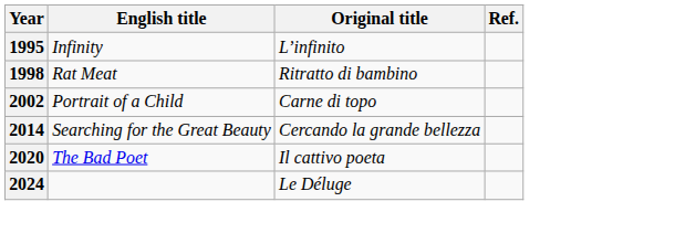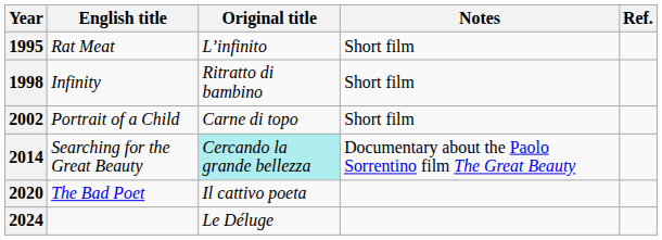 <table class="wikitable sortable plainrowheaders">
 <tr>
 <th scope="col">Year</th>
 <th scope="col">English title</th>
 <th scope="col">Original title</th>
+<th scope="col">Notes</th>
 <th scope="col" class="unsortable">Ref.</th>
 </tr>
 <tr>
 <th scope="row">1995</th>
-<td><em>Infinity</em></td>
+<td><em>Rat Meat</em></td>
 <td><em>L’infinito</em></td>
+<td>Short film</td>
 <td align="center"></td>
 </tr>
 <tr>
 <th scope="row">1998</th>
-<td><em>Rat Meat</em></td>
+<td><em>Infinity</em></td>
 <td><em>Ritratto di bambino</em></td>
+<td>Short film</td>
 <td align="center"></td>
 </tr>
 <tr>
 <th scope="row">2002</th>
 <td><em>Portrait of a Child</em></td>
 <td><em>Carne di topo</em></td>
+<td>Short film</td>
 <td align="center"></td>
 </tr>
 <tr>
 <th scope="row">2014</th>
 <td><em>Searching for the Great Beauty</em></td>
-<td><em>Cercando la grande bellezza</em></td>
+<td style="background: paleturquoise;"><em>Cercando la grande bellezza</em></td>
+<td>Documentary about the <a href='#'>Paolo Sorrentino</a> film <em><a href='#'>The Great Beauty</a></em></td>
 <td align="center"></td>
 </tr>
 <tr>
 <th scope="row">2020</th>
 <td><em><a href='#'>The Bad Poet</a></em></td>
 <td><em>Il cattivo poeta</em></td>
+<td></td>
 <td align="center"></td>
 </tr>
 <tr>
 <th scope="row">2024</th>
 <td></td>
 <td><em>Le Déluge</em></td>
+<td></td>
 <td align="center"></td>
 </tr>
 </table>
